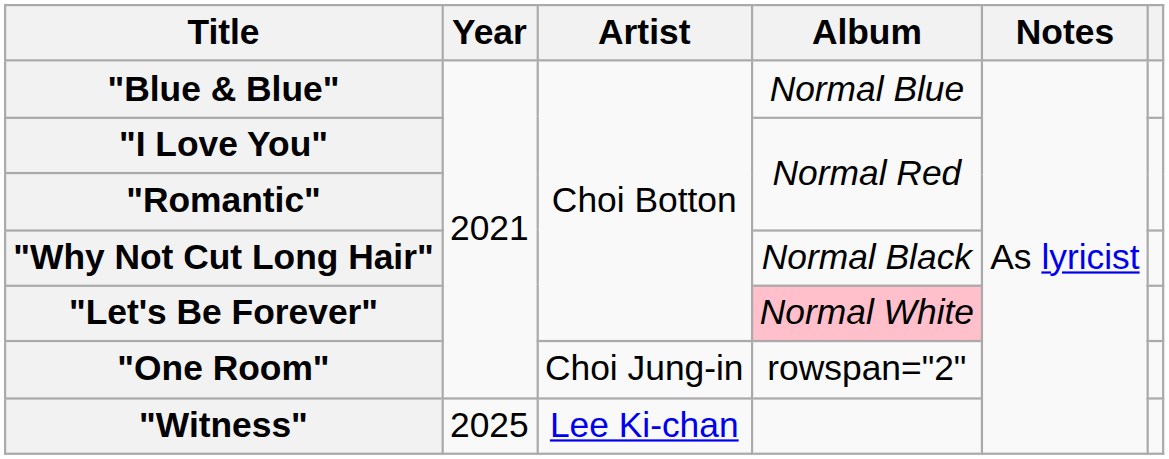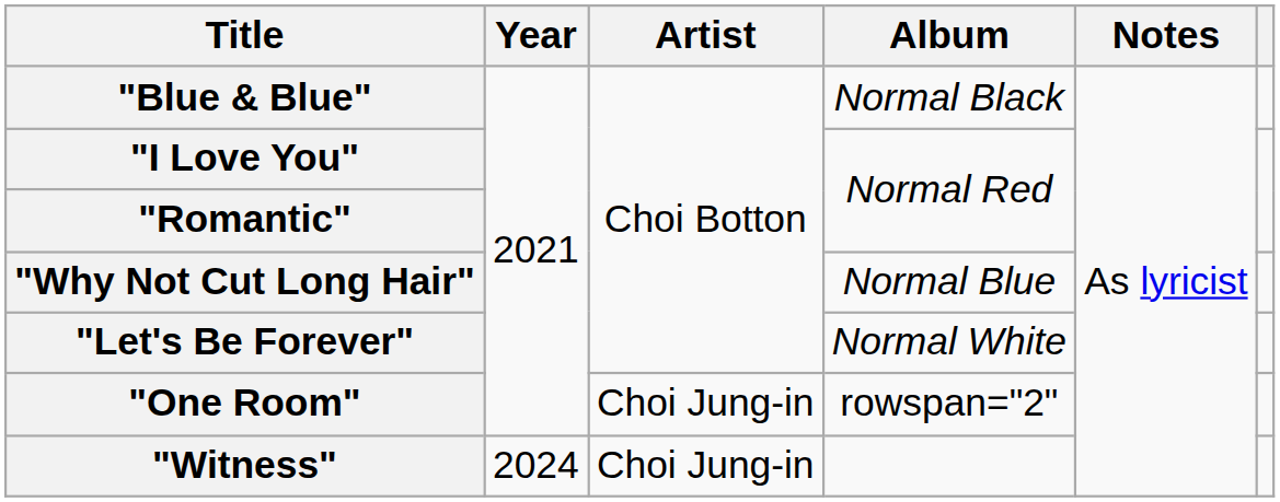 <table class="wikitable plainrowheaders" style="text-align:center" |>
 <tr>
 <th scope="col">Title</th>
 <th scope="col">Year</th>
 <th scope="col">Artist</th>
 <th scope="col">Album</th>
 <th scope="col">Notes</th>
 <th scope="col"></th>
 </tr>
 <tr>
 <th scope="row">"Blue & Blue"</th>
 <td rowspan="6">2021</td>
 <td rowspan="5">Choi Botton</td>
-<td><em>Normal Blue</em></td>
+<td><em>Normal Black</em></td>
 <td rowspan="7">As <a href='#'>lyricist</a></td>
 <td></td>
 </tr>
 <tr>
 <th scope="row">"I Love You"</th>
 <td rowspan="2"><em>Normal Red</em></td>
 <td rowspan="2"></td>
 </tr>
 <tr>
 <th scope="row">"Romantic"</th>
 </tr>
 <tr>
 <th scope="row">"Why Not Cut Long Hair"</th>
-<td><em>Normal Black</em></td>
+<td><em>Normal Blue</em></td>
 <td></td>
 </tr>
 <tr>
 <th scope="row">"Let's Be Forever"</th>
-<td style="background: pink;"><em>Normal White</em></td>
+<td><em>Normal White</em></td>
 <td></td>
 </tr>
 <tr>
 <th scope="row">"One Room"</th>
 <td>Choi Jung-in</td>
 <td>rowspan="2" </td>
 <td></td>
 </tr>
 <tr>
 <th scope="row">"Witness"</th>
-<td>2025</td>
-<td><a href='#'>Lee Ki-chan</a></td>
+<td>2024</td>
+<td>Choi Jung-in</td>
 <td></td>
 </tr>
 </table>
